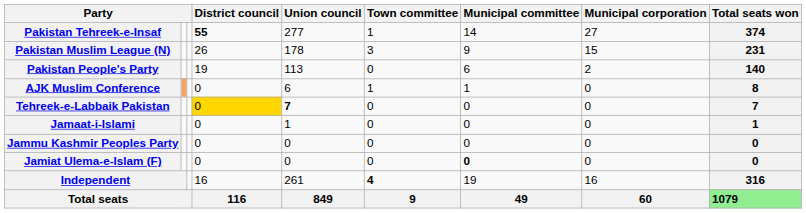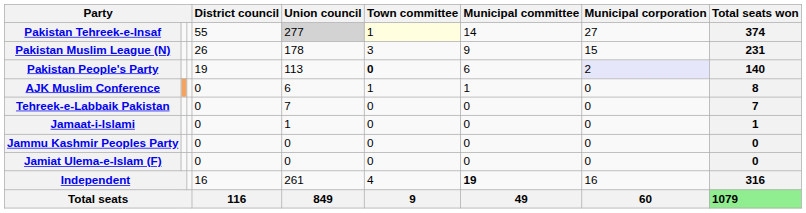 <table class="wikitable">
 <tr>
 <th colspan="3">Party</th>
 <th>District council</th>
 <th>Union council</th>
 <th>Town committee</th>
 <th>Municipal committee</th>
 <th>Municipal corporation</th>
 <th>Total seats won</th>
 </tr>
 <tr>
 <th><a href='#'>Pakistan Tehreek-e-Insaf</a></th>
 <td style="background-color: "></td>
 <td></td>
-<td><strong>55</strong></td>
-<td>277</td>
-<td>1</td>
+<td>55</td>
+<td style="background: lightgrey;">277</td>
+<td style="background: lightyellow;">1</td>
 <td>14</td>
 <td>27</td>
 <th>374</th>
 </tr>
 <tr>
 <th><a href='#'>Pakistan Muslim League (N)</a></th>
 <td style="background-color: "></td>
 <td></td>
 <td>26</td>
 <td>178</td>
 <td>3</td>
 <td>9</td>
 <td>15</td>
 <th>231</th>
 </tr>
 <tr>
 <th><a href='#'>Pakistan People's Party</a></th>
 <td style="background-color: "></td>
 <td></td>
 <td>19</td>
 <td>113</td>
-<td>0</td>
+<td><strong>0</strong></td>
 <td>6</td>
-<td>2</td>
+<td style="background: lavender;">2</td>
 <th>140</th>
 </tr>
 <tr>
 <th><a href='#'>AJK Muslim Conference</a></th>
 <td bgcolor="#f4a460"></td>
 <td></td>
 <td>0</td>
 <td>6</td>
 <td>1</td>
 <td>1</td>
 <td>0</td>
 <th>8</th>
 </tr>
 <tr>
 <th><a href='#'>Tehreek-e-Labbaik Pakistan</a></th>
 <td style="background-color: "></td>
 <td></td>
-<td style="background: gold;">0</td>
-<td><strong>7</strong></td>
+<td>0</td>
+<td>7</td>
 <td>0</td>
 <td>0</td>
 <td>0</td>
 <th>7</th>
 </tr>
 <tr>
 <th><a href='#'>Jamaat-i-Islami</a></th>
 <td style="background-color: "></td>
 <td></td>
 <td>0</td>
 <td>1</td>
 <td>0</td>
 <td>0</td>
 <td>0</td>
 <th>1</th>
 </tr>
 <tr>
 <th><a href='#'>Jammu Kashmir Peoples Party</a></th>
 <td style="background-color: "></td>
 <td></td>
 <td>0</td>
 <td>0</td>
 <td>0</td>
 <td>0</td>
 <td>0</td>
 <th>0</th>
 </tr>
 <tr>
 <th><a href='#'>Jamiat Ulema-e-Islam (F)</a></th>
 <td style="background-color: "></td>
 <td></td>
 <td>0</td>
 <td>0</td>
 <td>0</td>
-<td><strong>0</strong></td>
+<td>0</td>
 <td>0</td>
 <th>0</th>
 </tr>
 <tr>
 <th colspan="2"><a href='#'>Independent</a></th>
 <td style="background-color: "></td>
 <td>16</td>
 <td>261</td>
-<td><strong>4</strong></td>
-<td>19</td>
+<td>4</td>
+<td><strong>19</strong></td>
 <td>16</td>
 <th>316</th>
 </tr>
 <tr>
 <th colspan="3">Total seats</th>
 <th>116</th>
 <th>849</th>
 <th>9</th>
 <th>49</th>
 <th>60</th>
 <td bgcolor="#90EE90"><strong>1079</strong></td>
 </tr>
 </table>
